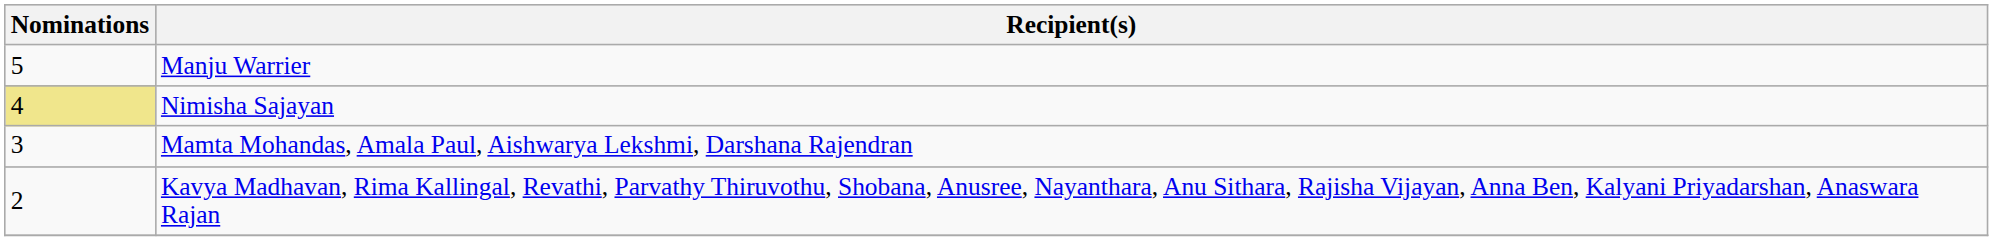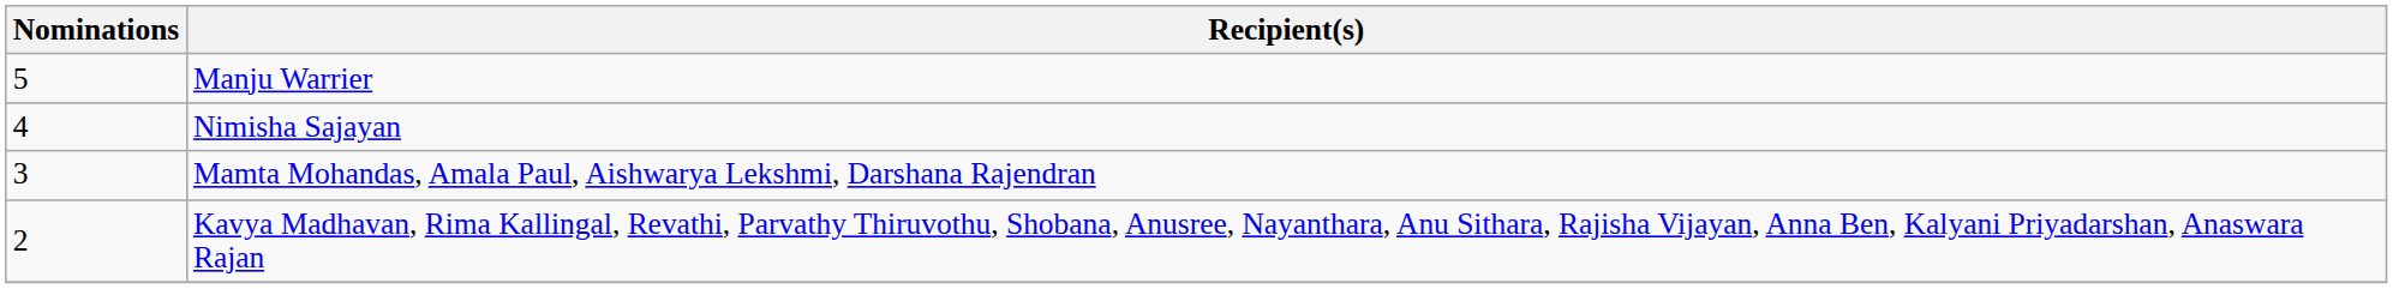 <table class="wikitable">
 <tr>
 <th>Nominations</th>
 <th>Recipient(s)</th>
 </tr>
 <tr>
 <td>5</td>
 <td><a href='#'>Manju Warrier</a></td>
 </tr>
 <tr>
-<td style="background: khaki;">4</td>
+<td>4</td>
 <td><a href='#'>Nimisha Sajayan</a></td>
 </tr>
 <tr>
 <td>3</td>
 <td><a href='#'>Mamta Mohandas</a>, <a href='#'>Amala Paul</a>, <a href='#'>Aishwarya Lekshmi</a>, <a href='#'>Darshana Rajendran</a></td>
 </tr>
 <tr>
 <td>2</td>
 <td><a href='#'>Kavya Madhavan</a>, <a href='#'>Rima Kallingal</a>, <a href='#'>Revathi</a>, <a href='#'>Parvathy Thiruvothu</a>, <a href='#'>Shobana</a>, <a href='#'>Anusree</a>, <a href='#'>Nayanthara</a>, <a href='#'>Anu Sithara</a>, <a href='#'>Rajisha Vijayan</a>, <a href='#'>Anna Ben</a>, <a href='#'>Kalyani Priyadarshan</a>, <a href='#'>Anaswara Rajan</a></td>
 </tr>
 <tr>
 </tr>
 </table>
